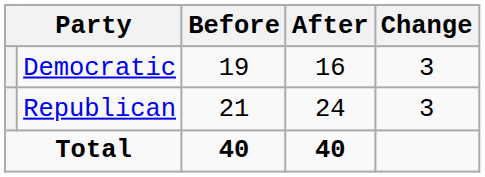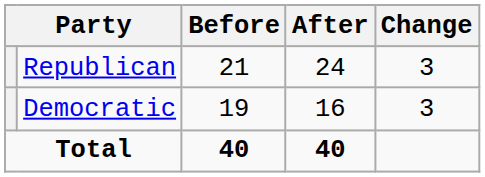 <table class="wikitable" style="text-align:center;">
 <tr>
 <th colspan="2">Party</th>
 <th>Before</th>
 <th>After</th>
 <th>Change</th>
 </tr>
 <tr>
 <th style="background-color:"></th>
-<td style="text-align:left;"><a href='#'>Democratic</a></td>
-<td>19</td>
-<td>16</td>
+<td style="text-align:left;"><a href='#'>Republican</a></td>
+<td>21</td>
+<td>24</td>
 <td> 3</td>
 </tr>
 <tr>
 <th style="background-color:"></th>
-<td style="text-align:left;"><a href='#'>Republican</a></td>
-<td>21</td>
-<td>24</td>
+<td style="text-align:left;"><a href='#'>Democratic</a></td>
+<td>19</td>
+<td>16</td>
 <td> 3</td>
 </tr>
 <tr>
 <td colspan="2"><strong>Total</strong></td>
 <td><strong>40</strong></td>
 <td><strong>40</strong></td>
 </tr>
 </table>
